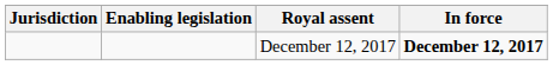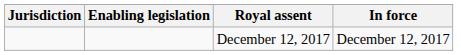 <table class = "wikitable">
 <tr>
 </tr>
 <tr>
 <th>Jurisdiction</th>
 <th>Enabling legislation</th>
 <th>Royal assent</th>
 <th>In force</th>
 </tr>
 <tr valign = "top">
 <td></td>
 <td></td>
 <td>December 12, 2017</td>
-<td><strong>December 12, 2017</strong></td>
+<td>December 12, 2017</td>
 </tr>
 </table>
